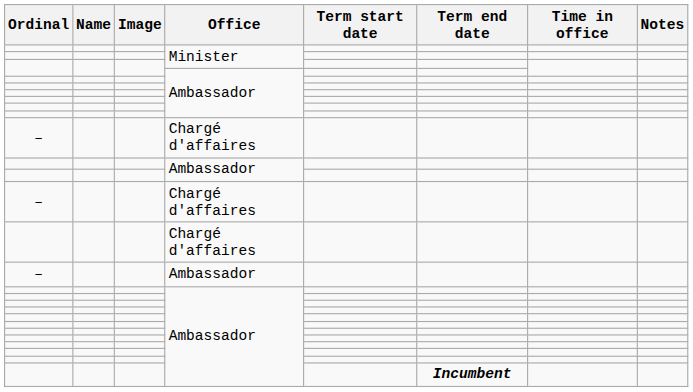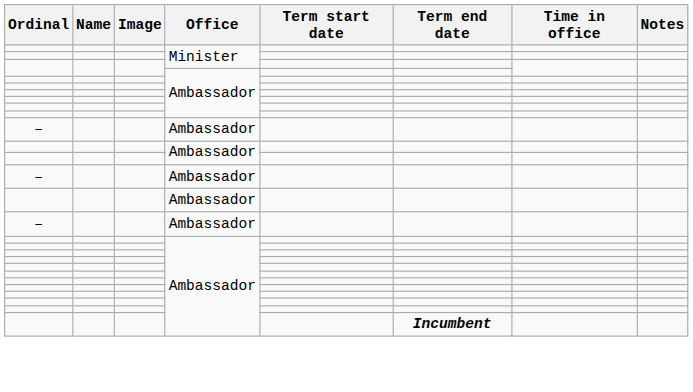 <table class='wikitable sortable'>
 <tr>
 <th>Ordinal</th>
 <th>Name</th>
 <th>Image</th>
 <th>Office</th>
 <th>Term start date</th>
 <th>Term end date</th>
 <th>Time in office</th>
 <th>Notes</th>
 </tr>
 <tr>
 <td align=center></td>
 <td></td>
 <td></td>
 <td rowspan=3>Minister</td>
 <td align=center></td>
 <td align=center></td>
 <td align=right></td>
 <td></td>
 </tr>
 <tr>
 <td align=center></td>
 <td></td>
 <td></td>
 <td align=center></td>
 <td align=center></td>
 <td align=right></td>
 <td></td>
 </tr>
 <tr>
 <td rowspan=2 align=center></td>
 <td rowspan=2></td>
 <td rowspan=2></td>
 <td align=center></td>
 <td align=center></td>
 <td rowspan=2 align=right></td>
 <td rowspan=2></td>
 </tr>
 <tr>
 <td rowspan="7">Ambassador</td>
 <td align=center></td>
 <td align=center></td>
 </tr>
 <tr>
 <td align=center></td>
 <td></td>
 <td></td>
 <td align=center></td>
 <td align=center></td>
 <td align=right></td>
 <td></td>
 </tr>
 <tr>
 <td align=center></td>
 <td></td>
 <td></td>
 <td align=center></td>
 <td align=center></td>
 <td align=right></td>
 <td></td>
 </tr>
 <tr>
 <td align=center></td>
 <td></td>
 <td></td>
 <td align=center></td>
 <td align=center></td>
 <td align=right></td>
 <td></td>
 </tr>
 <tr>
 <td align=center></td>
 <td></td>
 <td></td>
 <td align=center></td>
 <td align=center></td>
 <td align=right><strong></strong></td>
 <td></td>
 </tr>
 <tr>
 <td align=center></td>
 <td></td>
 <td></td>
 <td align=center></td>
 <td align=center></td>
 <td align=right></td>
 <td></td>
 </tr>
 <tr>
 <td align=center></td>
 <td></td>
 <td></td>
 <td align=center></td>
 <td align=center></td>
 <td align=right></td>
 <td></td>
 </tr>
 <tr>
 <td align=center>–</td>
 <td></td>
 <td></td>
-<td>Chargé d'affaires</td>
+<td>Ambassador</td>
 <td align=center></td>
 <td align=center></td>
 <td align=right></td>
 <td></td>
 </tr>
 <tr>
 <td align=center></td>
 <td></td>
 <td></td>
 <td rowspan="2">Ambassador</td>
 <td align=center></td>
 <td align=center></td>
 <td align=right></td>
 <td></td>
 </tr>
 <tr>
 <td align=center></td>
 <td></td>
 <td></td>
 <td align=center></td>
 <td align=center></td>
 <td align=right></td>
 <td></td>
 </tr>
 <tr>
 <td align=center>–</td>
 <td></td>
 <td></td>
-<td>Chargé d'affaires</td>
+<td>Ambassador</td>
 <td align=center></td>
 <td align=center></td>
 <td align=right></td>
 <td></td>
 </tr>
 <tr>
 <td align=center><em></em></td>
 <td></td>
 <td></td>
-<td>Chargé d'affaires</td>
+<td>Ambassador</td>
 <td align=center></td>
 <td align=center></td>
 <td align=right></td>
 <td></td>
 </tr>
 <tr>
 <td align=center>–</td>
 <td></td>
 <td></td>
 <td>Ambassador</td>
 <td align=center></td>
 <td align=center></td>
 <td align=right></td>
 <td></td>
 </tr>
 <tr>
 <td align=center></td>
 <td></td>
 <td></td>
 <td rowspan="12">Ambassador</td>
 <td align=center></td>
 <td align=center></td>
 <td align=right></td>
 <td></td>
 </tr>
 <tr>
 <td align=center></td>
 <td></td>
 <td></td>
 <td align=center></td>
 <td align=center></td>
 <td align=right></td>
 <td></td>
 </tr>
 <tr>
 <td align=center></td>
 <td></td>
 <td></td>
 <td align=center></td>
 <td align=center></td>
 <td align=right></td>
 <td></td>
 </tr>
 <tr>
 <td align=center></td>
 <td></td>
 <td></td>
 <td align=center></td>
 <td align=center></td>
 <td align=right></td>
 <td></td>
 </tr>
 <tr>
 <td align=center></td>
 <td></td>
 <td></td>
 <td align=center></td>
 <td align=center></td>
 <td align=right></td>
 <td></td>
 </tr>
 <tr>
 <td align=center></td>
 <td></td>
 <td></td>
 <td align=center></td>
 <td align=center></td>
 <td align=right></td>
 <td></td>
 </tr>
 <tr>
 <td align=center></td>
 <td></td>
 <td></td>
 <td align=center></td>
 <td align=center></td>
 <td align=right></td>
 <td></td>
 </tr>
 <tr>
 <td align=center></td>
 <td></td>
 <td></td>
 <td align=center></td>
 <td align=center></td>
 <td align=right></td>
 <td></td>
 </tr>
 <tr>
 <td align=center></td>
 <td></td>
 <td></td>
 <td align=center></td>
 <td align=center></td>
 <td align=right></td>
 <td></td>
 </tr>
 <tr>
 <td align=center></td>
 <td></td>
 <td></td>
 <td align=center></td>
 <td align=center></td>
 <td align=right></td>
 <td></td>
 </tr>
 <tr>
 <td align=center></td>
 <td></td>
 <td></td>
 <td align=center></td>
 <td align=center></td>
 <td align=right></td>
 <td></td>
 </tr>
 <tr>
 <td align=center></td>
 <td></td>
 <td></td>
 <td align=center></td>
 <td align=center><strong><em>Incumbent</em></strong></td>
 <td align=right></td>
 <td></td>
 </tr>
 </table>
